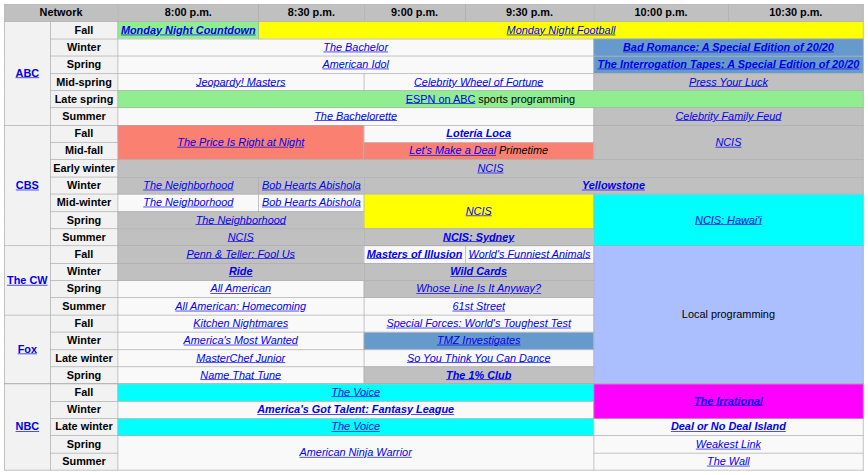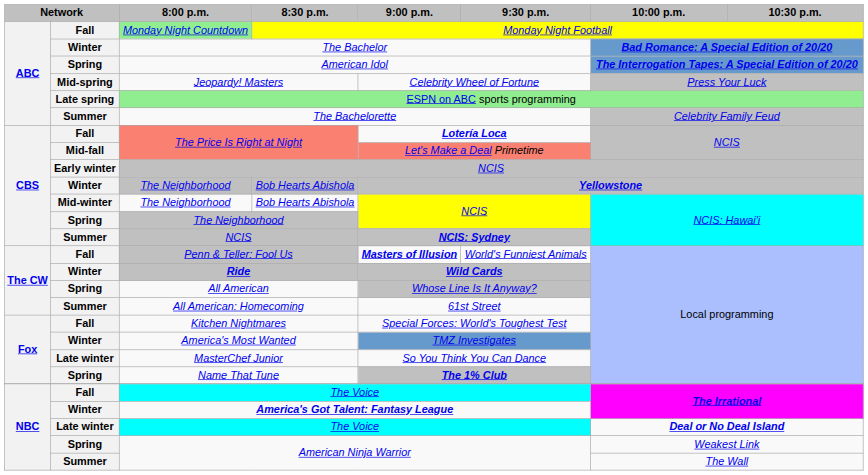 <table class="wikitable" style="width:100%;margin-right:0;text-align:center">
 <tr>
 <th colspan="2" style="background-color:#C0C0C0;text-align:center">Network</th>
 <th style="background-color:#C0C0C0;text-align:center">8:00 p.m.</th>
 <th style="background-color:#C0C0C0;text-align:center">8:30 p.m.</th>
 <th style="background-color:#C0C0C0;text-align:center">9:00 p.m.</th>
 <th style="background-color:#C0C0C0;text-align:center">9:30 p.m.</th>
 <th style="background-color:#C0C0C0;text-align:center">10:00 p.m.</th>
 <th style="background-color:#C0C0C0;text-align:center">10:30 p.m.</th>
 </tr>
 <tr>
 <th rowspan="6"><a href='#'>ABC</a></th>
 <th>Fall</th>
-<td style="background:lightgreen;"><strong><em><a href='#'>Monday Night Countdown</a></em> </strong></td>
+<td style="background:lightgreen;"><em><a href='#'>Monday Night Countdown</a></em> </td>
 <td colspan="5" style="background:yellow;"><em><a href='#'>Monday Night Football</a></em>  </td>
 </tr>
 <tr>
 <th>Winter</th>
 <td colspan="4"><em><a href='#'>The Bachelor</a></em></td>
 <td colspan="2" style="background:#6699CC;"><strong><em><a href='#'>Bad Romance: A Special Edition of 20/20</a></em></strong></td>
 </tr>
 <tr>
 <th>Spring</th>
 <td colspan="4"><em><a href='#'>American Idol</a></em></td>
 <td colspan="2" style="background:#6699CC;"><strong><em><a href='#'>The Interrogation Tapes: A Special Edition of 20/20</a></em></strong></td>
 </tr>
 <tr>
 <th>Mid-spring</th>
 <td colspan="2"><em><a href='#'>Jeopardy! Masters</a></em></td>
 <td colspan="2"><em><a href='#'>Celebrity Wheel of Fortune</a></em></td>
 <td colspan="2" style="background:#C0C0C0;"><em><a href='#'>Press Your Luck</a></em> </td>
 </tr>
 <tr>
 <th>Late spring</th>
 <td colspan="6" style="background:lightgreen;"><a href='#'>ESPN on ABC</a> sports programming</td>
 </tr>
 <tr>
 <th>Summer</th>
 <td colspan="4"><em><a href='#'>The Bachelorette</a></em></td>
 <td colspan="2" style="background:#C0C0C0;"><em><a href='#'>Celebrity Family Feud</a></em> </td>
 </tr>
 <tr>
 <th rowspan="7"><a href='#'>CBS</a></th>
 <th>Fall</th>
 <td rowspan="2" colspan="2" style="background:#FA8072;"><em><a href='#'>The Price Is Right at Night</a></em></td>
 <td colspan="2"><strong><em><a href='#'>Lotería Loca</a></em></strong></td>
 <td rowspan="2" colspan="2" style="background:#C0C0C0;"><em><a href='#'>NCIS</a></em> </td>
 </tr>
 <tr>
 <th>Mid-fall</th>
 <td colspan="2" style="background:#FA8072;"><em><a href='#'>Let's Make a Deal</a> Primetime</em></td>
 </tr>
 <tr>
 <th>Early winter</th>
 <td colspan="6" style="background:#C0C0C0;"><em><a href='#'>NCIS</a></em> </td>
 </tr>
 <tr>
 <th>Winter</th>
 <td style="background:#C0C0C0;"><em><a href='#'>The Neighborhood</a></em> </td>
 <td style="background:#C0C0C0;"><em><a href='#'>Bob Hearts Abishola</a></em> </td>
 <td colspan="4" style="background:#C0C0C0;"><strong><em><a href='#'>Yellowstone</a></em></strong> </td>
 </tr>
 <tr>
 <th>Mid-winter</th>
 <td><em><a href='#'>The Neighborhood</a></em></td>
 <td><em><a href='#'>Bob Hearts Abishola</a></em></td>
 <td rowspan="2" colspan="2" style="background:yellow;"><em><a href='#'>NCIS</a></em> </td>
 <td rowspan="3" colspan="2" style="background:cyan;"><em><a href='#'>NCIS: Hawai'i</a></em> </td>
 </tr>
 <tr>
 <th>Spring</th>
 <td colspan="2" style="background:#C0C0C0;"><em><a href='#'>The Neighborhood</a></em> </td>
 </tr>
 <tr>
 <th>Summer</th>
 <td colspan="2" style="background:#C0C0C0;"><em><a href='#'>NCIS</a></em> </td>
 <td colspan="2" style="background:#C0C0C0;"><strong><em><a href='#'>NCIS: Sydney</a></em></strong> </td>
 </tr>
 <tr>
 <th rowspan="4"><a href='#'>The CW</a></th>
 <th>Fall</th>
 <td colspan="2" style="background:#C0C0C0;"><em><a href='#'>Penn & Teller: Fool Us</a></em> </td>
 <td><strong><em><a href='#'>Masters of Illusion</a></em></strong></td>
 <td><em><a href='#'>World's Funniest Animals</a></em></td>
 <td rowspan="8" colspan="2" style="background:#abbfff;">Local programming</td>
 </tr>
 <tr>
 <th>Winter</th>
 <td colspan="2" style="background:#C0C0C0;"><strong><em><a href='#'>Ride</a></em></strong> </td>
 <td colspan="2" style="background:#C0C0C0;"><strong><em><a href='#'>Wild Cards</a></em></strong> </td>
 </tr>
 <tr>
 <th>Spring</th>
 <td colspan="2"><em><a href='#'>All American</a></em></td>
 <td colspan="2" style="background:#C0C0C0;"><em><a href='#'>Whose Line Is It Anyway?</a></em> </td>
 </tr>
 <tr>
 <th>Summer</th>
 <td colspan="2"><em><a href='#'>All American: Homecoming</a></em></td>
 <td colspan="2"><em><a href='#'>61st Street</a></em></td>
 </tr>
 <tr>
 <th rowspan="4"><a href='#'>Fox</a></th>
 <th>Fall</th>
 <td colspan="2"><em><a href='#'>Kitchen Nightmares</a></em></td>
 <td colspan="2"><em><a href='#'>Special Forces: World's Toughest Test</a></em></td>
 </tr>
 <tr>
 <th>Winter</th>
 <td colspan="2"><em><a href='#'>America's Most Wanted</a></em></td>
 <td colspan="2" style="background:#6699CC;"><em><a href='#'>TMZ Investigates</a></em></td>
 </tr>
 <tr>
 <th>Late winter</th>
 <td colspan="2"><em><a href='#'>MasterChef Junior</a></em></td>
 <td colspan="2"><em><a href='#'>So You Think You Can Dance</a></em></td>
 </tr>
 <tr>
 <th>Spring</th>
 <td colspan="2"><em><a href='#'>Name That Tune</a></em></td>
 <td colspan="2" style="background:#C0C0C0;"><strong><em><a href='#'>The 1% Club</a></em></strong> </td>
 </tr>
 <tr>
 </tr>
 <tr>
 <th rowspan="5"><a href='#'>NBC</a></th>
 <th>Fall</th>
 <td colspan="4" style="background:cyan;"><em><a href='#'>The Voice</a></em> </td>
 <td rowspan="2" colspan="2" style="background:magenta;"><strong><em><a href='#'>The Irrational</a></em></strong> </td>
 </tr>
 <tr>
 <th>Winter</th>
 <td colspan="4"><strong><em><a href='#'>America's Got Talent: Fantasy League</a></em></strong></td>
 </tr>
 <tr>
 <th>Late winter</th>
 <td colspan="4" style="background:cyan;"><em><a href='#'>The Voice</a></em> </td>
 <td colspan="2"><strong><em><a href='#'>Deal or No Deal Island</a></em></strong></td>
 </tr>
 <tr>
 <th>Spring</th>
 <td rowspan="2" colspan="4"><em><a href='#'>American Ninja Warrior</a></em></td>
 <td colspan="2"><em><a href='#'>Weakest Link</a></em></td>
 </tr>
 <tr>
 <th>Summer</th>
 <td colspan="2"><em><a href='#'>The Wall</a></em></td>
 </tr>
 </table>
